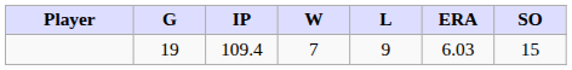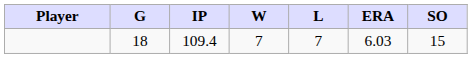 <table class="wikitable sortable">
 <tr>
 <th style="background:#ddf; width:16%;">Player</th>
 <th style="background:#ddf; width:9%;">G</th>
 <th style="background:#ddf; width:9%;">IP</th>
 <th style="background:#ddf; width:9%;">W</th>
 <th style="background:#ddf; width:9%;">L</th>
 <th style="background:#ddf; width:9%;">ERA</th>
 <th style="background:#ddf; width:9%;">SO</th>
 </tr>
 <tr style="text-align:center;">
 <td></td>
-<td>19</td>
+<td>18</td>
 <td>109.4</td>
 <td>7</td>
-<td>9</td>
+<td>7</td>
 <td>6.03</td>
 <td>15</td>
 </tr>
 </table>
